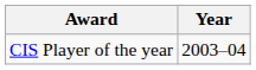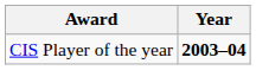 <table class="wikitable">
 <tr>
 <th>Award</th>
 <th>Year</th>
 </tr>
 <tr>
 <td><a href='#'>CIS</a> Player of the year </td>
-<td>2003–04</td>
+<td><strong>2003–04</strong></td>
 </tr>
 </table>
